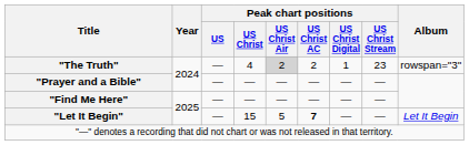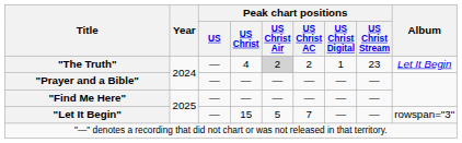 <table class="wikitable plainrowheaders" style="text-align:center;">
 <tr>
 <th rowspan="2" scope="col" style="width:15em;">Title</th>
 <th rowspan="2">Year</th>
 <th colspan="6">Peak chart positions</th>
 <th rowspan="2">Album</th>
 </tr>
 <tr>
 <th scope="col" style="width:3em;font-size:85%;"><a href='#'>US</a><br></th>
 <th scope="col" style="width:3em;font-size:85%;"><a href='#'>US<br>Christ</a><br></th>
 <th scope="col" style="width:3em;font-size:85%;"><a href='#'>US<br>Christ<br>Air</a><br></th>
 <th scope="col" style="width:3em;font-size:85%;"><a href='#'>US<br>Christ<br>AC</a><br></th>
 <th scope="col" style="width:3em;font-size:85%;"><a href='#'>US<br>Christ<br>Digital</a><br></th>
 <th scope="col" style="width:3em;font-size:85%;"><a href='#'>US<br>Christ<br>Stream</a><br></th>
 </tr>
 <tr>
 <th scope="row">"The Truth"</th>
 <td rowspan="2">2024</td>
 <td>—</td>
 <td>4</td>
 <td style="background: lightgrey;">2</td>
 <td>2</td>
 <td>1</td>
 <td>23</td>
-<td>rowspan="3" </td>
+<td><em><a href='#'>Let It Begin</a></em></td>
 </tr>
 <tr>
 <th scope="row">"Prayer and a Bible"</th>
 <td>—</td>
 <td>—</td>
 <td>—</td>
 <td>—</td>
 <td>—</td>
 <td>—</td>
 </tr>
 <tr>
 <th scope="row">"Find Me Here"</th>
 <td rowspan="2">2025</td>
 <td>—</td>
 <td>—</td>
 <td>—</td>
 <td>—</td>
 <td>—</td>
 <td>—</td>
 </tr>
 <tr>
 <th scope="row">"Let It Begin"</th>
 <td>—</td>
 <td>15</td>
 <td>5</td>
-<td><strong>7</strong></td>
+<td>7</td>
 <td>—</td>
 <td>—</td>
-<td><em><a href='#'>Let It Begin</a></em></td>
+<td>rowspan="3" </td>
 </tr>
 <tr>
 <td colspan="15" style="font-size:85%">"—" denotes a recording that did not chart or was not released in that territory.</td>
 </tr>
 </table>
